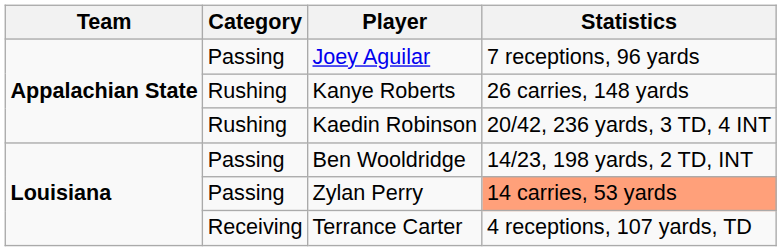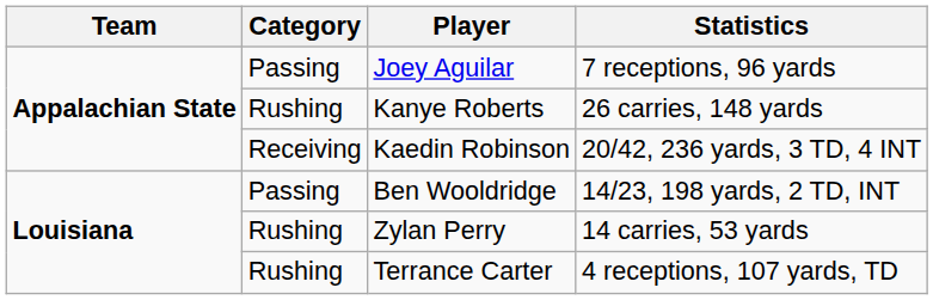 <table class="wikitable" style="float: right;">
 <tr>
 <th>Team</th>
 <th>Category</th>
 <th>Player</th>
 <th>Statistics</th>
 </tr>
 <tr>
 <td rowspan=3><strong>Appalachian State</strong></td>
 <td>Passing</td>
 <td><a href='#'>Joey Aguilar</a></td>
 <td>7 receptions, 96 yards</td>
 </tr>
 <tr>
 <td>Rushing</td>
 <td>Kanye Roberts</td>
 <td>26 carries, 148 yards</td>
 </tr>
 <tr>
-<td>Rushing</td>
+<td>Receiving</td>
 <td>Kaedin Robinson</td>
 <td>20/42, 236 yards, 3 TD, 4 INT</td>
 </tr>
 <tr>
 <td rowspan=3><strong>Louisiana</strong></td>
 <td>Passing</td>
 <td>Ben Wooldridge</td>
 <td>14/23, 198 yards, 2 TD, INT</td>
 </tr>
 <tr>
-<td>Passing</td>
+<td>Rushing</td>
 <td>Zylan Perry</td>
-<td style="background: lightsalmon;">14 carries, 53 yards</td>
+<td>14 carries, 53 yards</td>
 </tr>
 <tr>
-<td>Receiving</td>
+<td>Rushing</td>
 <td>Terrance Carter</td>
 <td>4 receptions, 107 yards, TD</td>
 </tr>
 </table>
